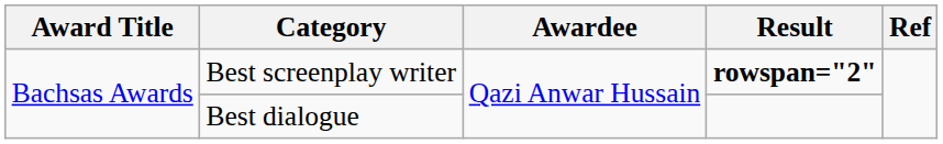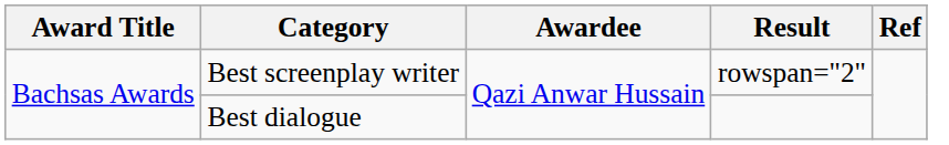 <table class="wikitable">
 <tr>
 <th>Award Title</th>
 <th>Category</th>
 <th>Awardee</th>
 <th>Result</th>
 <th>Ref</th>
 </tr>
 <tr>
 <td rowspan="2"><a href='#'>Bachsas Awards</a></td>
 <td>Best screenplay writer</td>
 <td rowspan="2"><a href='#'>Qazi Anwar Hussain</a></td>
-<td><strong>rowspan="2" </strong></td>
+<td>rowspan="2" </td>
 <td rowspan="2"></td>
 </tr>
 <tr>
 <td>Best dialogue</td>
 </tr>
 </table>
